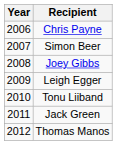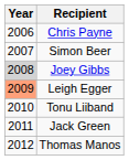 <table class="wikitable" style="text-align:center">
 <tr>
 <th>Year</th>
 <th>Recipient</th>
 </tr>
 <tr>
 <td>2006</td>
 <td><a href='#'>Chris Payne</a></td>
 </tr>
 <tr>
 <td>2007</td>
 <td>Simon Beer</td>
 </tr>
 <tr>
-<td>2008</td>
+<td style="background: lightgrey;">2008</td>
 <td><a href='#'>Joey Gibbs</a></td>
 </tr>
 <tr>
-<td>2009</td>
+<td style="background: lightsalmon;">2009</td>
 <td>Leigh Egger</td>
 </tr>
 <tr>
 <td>2010</td>
 <td>Tonu Liiband</td>
 </tr>
 <tr>
 <td>2011</td>
 <td>Jack Green</td>
 </tr>
 <tr>
 <td>2012</td>
 <td>Thomas Manos</td>
 </tr>
 </table>
